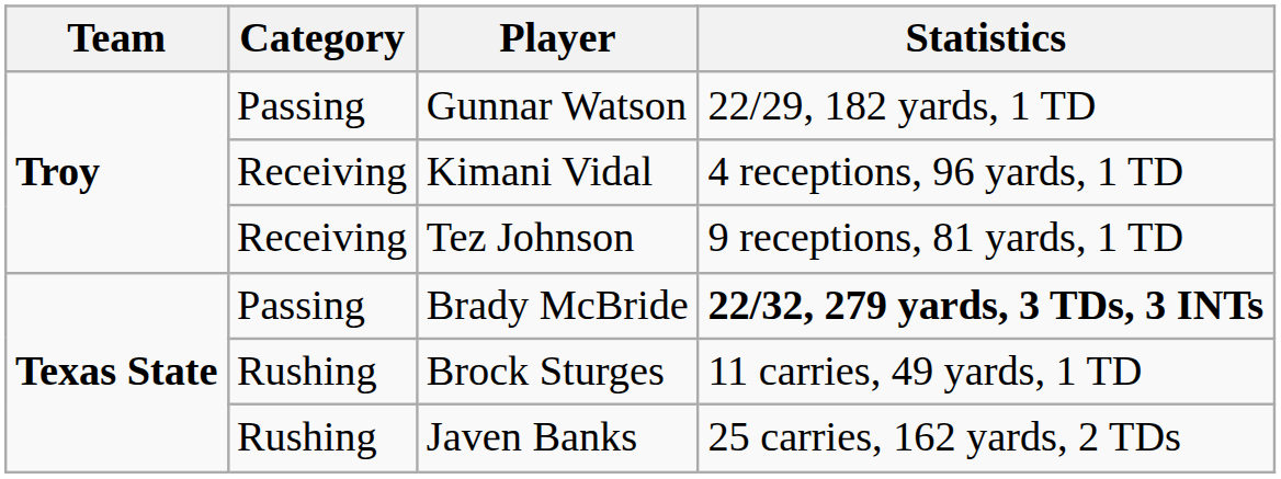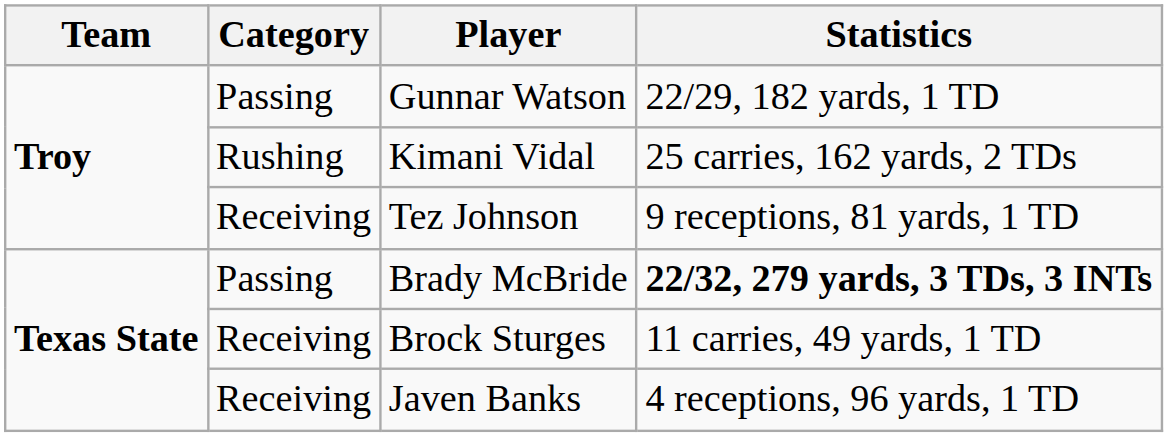 <table class="wikitable" style="float: left;">
 <tr>
 <th>Team</th>
 <th>Category</th>
 <th>Player</th>
 <th>Statistics</th>
 </tr>
 <tr>
 <td rowspan=3><strong>Troy</strong></td>
 <td>Passing</td>
 <td>Gunnar Watson</td>
 <td>22/29, 182 yards, 1 TD</td>
 </tr>
 <tr>
-<td>Receiving</td>
+<td>Rushing</td>
 <td>Kimani Vidal</td>
-<td>4 receptions, 96 yards, 1 TD</td>
+<td>25 carries, 162 yards, 2 TDs</td>
 </tr>
 <tr>
 <td>Receiving</td>
 <td>Tez Johnson</td>
 <td>9 receptions, 81 yards, 1 TD</td>
 </tr>
 <tr>
 <td rowspan=3><strong>Texas State</strong></td>
 <td>Passing</td>
 <td>Brady McBride</td>
 <td><strong>22/32, 279 yards, 3 TDs, 3 INTs</strong></td>
 </tr>
 <tr>
-<td>Rushing</td>
+<td>Receiving</td>
 <td>Brock Sturges</td>
 <td>11 carries, 49 yards, 1 TD</td>
 </tr>
 <tr>
-<td>Rushing</td>
+<td>Receiving</td>
 <td>Javen Banks</td>
-<td>25 carries, 162 yards, 2 TDs</td>
+<td>4 receptions, 96 yards, 1 TD</td>
 </tr>
 </table>
